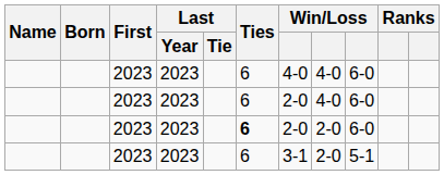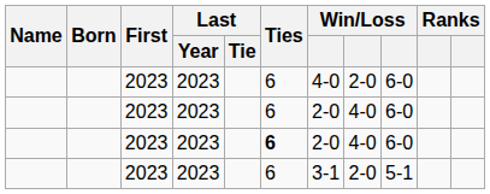 <table class="wikitable sortable">
 <tr style="text-align:center;">
 <th rowspan="2">Name</th>
 <th rowspan="2">Born</th>
 <th rowspan="2">First</th>
 <th colspan="2">Last</th>
 <th rowspan="2">Ties</th>
 <th class="unsortable" colspan="3">Win/Loss</th>
 <th class="unsortable" colspan="2">Ranks</th>
 </tr>
 <tr>
 <th>Year</th>
 <th>Tie</th>
 <th></th>
 <th></th>
 <th></th>
 <th></th>
 <th></th>
 </tr>
 <tr>
 <td></td>
 <td></td>
 <td>2023</td>
 <td>2023</td>
 <td></td>
 <td>6</td>
 <td>4-0</td>
-<td>4-0</td>
+<td>2-0</td>
 <td>6-0</td>
 <td></td>
 <td></td>
 </tr>
 <tr>
 <td></td>
 <td></td>
 <td>2023</td>
 <td>2023</td>
 <td></td>
 <td>6</td>
 <td>2-0</td>
 <td>4-0</td>
 <td>6-0</td>
 <td></td>
 <td></td>
 </tr>
 <tr>
 <td></td>
 <td></td>
 <td>2023</td>
 <td>2023</td>
 <td></td>
 <td><strong>6</strong></td>
 <td>2-0</td>
-<td>2-0</td>
+<td>4-0</td>
 <td>6-0</td>
 <td></td>
 <td></td>
 </tr>
 <tr>
 <td></td>
 <td></td>
 <td>2023</td>
 <td>2023</td>
 <td></td>
 <td>6</td>
 <td>3-1</td>
 <td>2-0</td>
 <td>5-1</td>
 <td></td>
 <td></td>
 </tr>
 <tr>
 </tr>
 </table>
